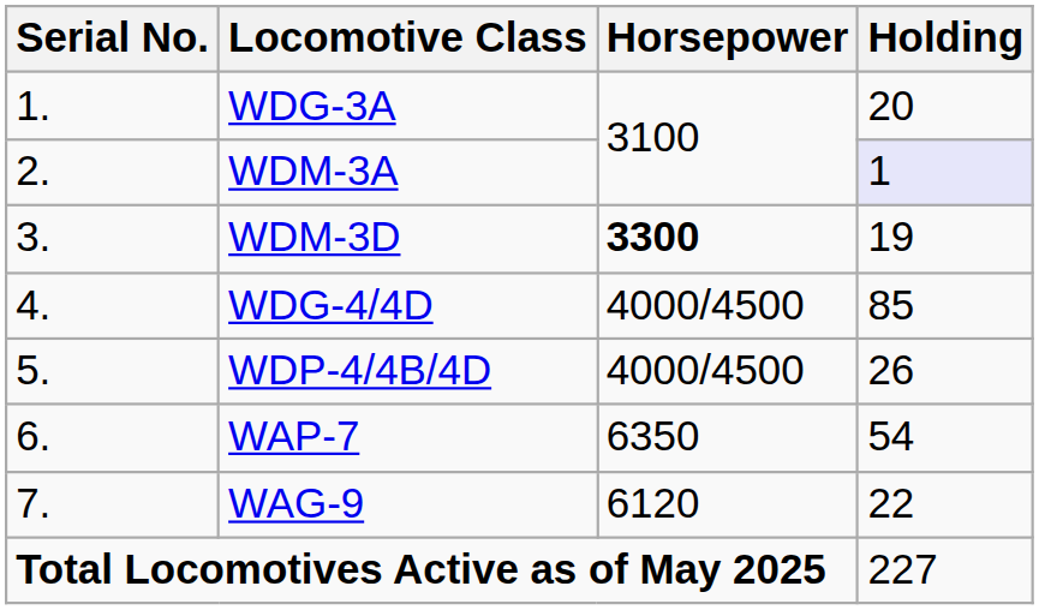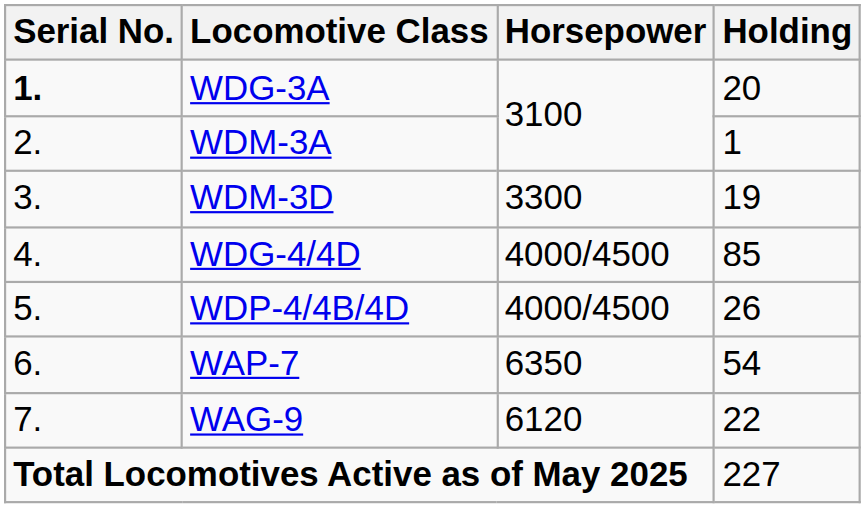 <table class="wikitable">
 <tr>
 <th>Serial No.</th>
 <th>Locomotive Class</th>
 <th>Horsepower</th>
 <th>Holding</th>
 </tr>
 <tr>
-<td>1.</td>
+<td><strong>1.</strong></td>
 <td><a href='#'>WDG-3A</a></td>
 <td rowspan="2">3100</td>
 <td>20</td>
 </tr>
 <tr>
 <td>2.</td>
 <td><a href='#'>WDM-3A</a></td>
-<td style="background: lavender;">1</td>
+<td>1</td>
 </tr>
 <tr>
 <td>3.</td>
 <td><a href='#'>WDM-3D</a></td>
-<td><strong>3300</strong></td>
+<td>3300</td>
 <td>19</td>
 </tr>
 <tr>
 <td>4.</td>
 <td><a href='#'>WDG-4/4D</a></td>
 <td>4000/4500</td>
 <td>85</td>
 </tr>
 <tr>
 <td>5.</td>
 <td><a href='#'>WDP-4/4B/4D</a></td>
 <td>4000/4500</td>
 <td>26</td>
 </tr>
 <tr>
 <td>6.</td>
 <td><a href='#'>WAP-7</a></td>
 <td>6350</td>
 <td>54</td>
 </tr>
 <tr>
 <td>7.</td>
 <td><a href='#'>WAG-9</a></td>
 <td>6120</td>
 <td>22</td>
 </tr>
 <tr>
 <td colspan="3"><strong>Total Locomotives Active as of May 2025</strong></td>
 <td>227</td>
 </tr>
 </table>
